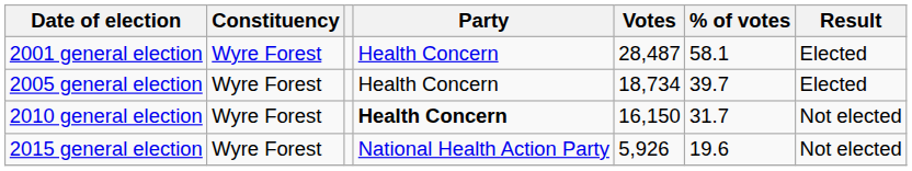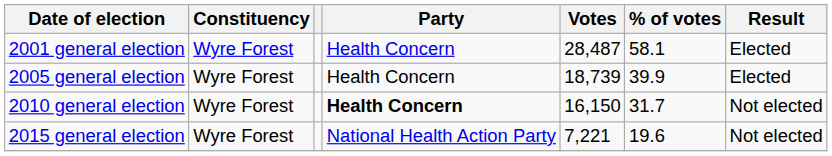 <table class="wikitable">
 <tr>
 <th>Date of election</th>
 <th>Constituency</th>
 <th></th>
 <th>Party</th>
 <th>Votes</th>
 <th>% of votes</th>
 <th>Result</th>
 </tr>
 <tr>
 <td><a href='#'>2001 general election</a></td>
 <td><a href='#'>Wyre Forest</a></td>
 <td style="background-color: "></td>
 <td><a href='#'>Health Concern</a></td>
 <td>28,487</td>
 <td>58.1</td>
 <td>Elected</td>
 </tr>
 <tr>
 <td><a href='#'>2005 general election</a></td>
 <td>Wyre Forest</td>
 <td style="background-color: "></td>
 <td>Health Concern</td>
-<td>18,734</td>
-<td>39.7</td>
+<td>18,739</td>
+<td>39.9</td>
 <td>Elected</td>
 </tr>
 <tr>
 <td><a href='#'>2010 general election</a></td>
 <td>Wyre Forest</td>
 <td style="background-color: "></td>
 <td><strong>Health Concern</strong></td>
 <td>16,150</td>
 <td>31.7</td>
 <td>Not elected</td>
 </tr>
 <tr>
 <td><a href='#'>2015 general election</a></td>
 <td>Wyre Forest</td>
 <td style="background-color: "></td>
 <td><a href='#'>National Health Action Party</a></td>
-<td>5,926</td>
+<td>7,221</td>
 <td>19.6</td>
 <td>Not elected</td>
 </tr>
 <tr>
 </tr>
 </table>
